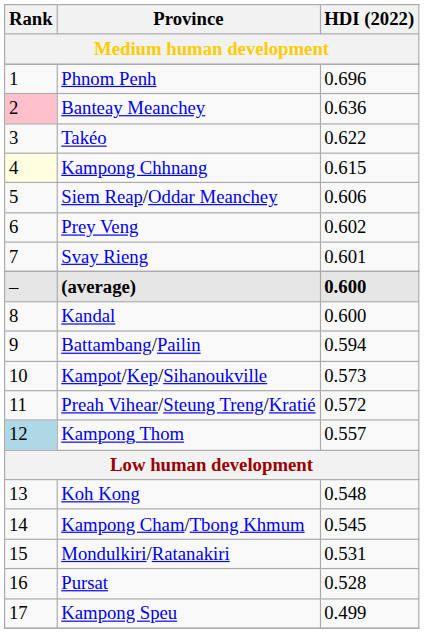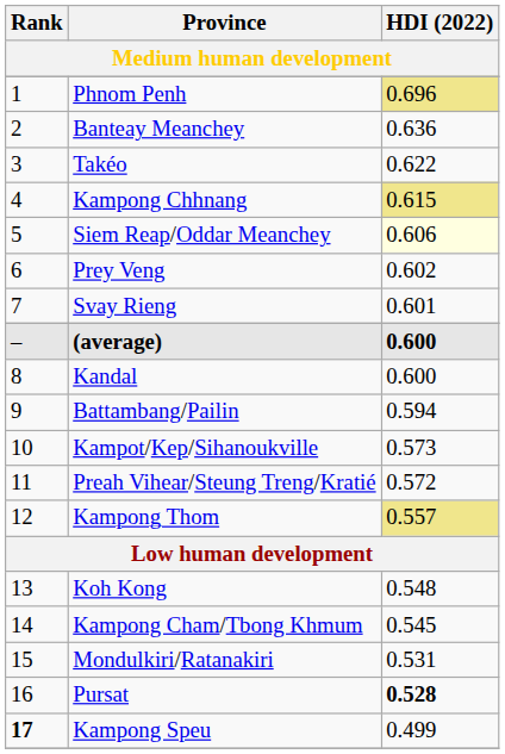 <table class="wikitable sortable">
 <tr>
 <th class="sort">Rank</th>
 <th class="sort">Province</th>
 <th class="sort">HDI (2022)</th>
 </tr>
 <tr>
 <th colspan="3" style="color:#fc0;">Medium human development</th>
 </tr>
 <tr>
 </tr>
 <tr>
 <td>1</td>
 <td style="text-align:left"><a href='#'>Phnom Penh</a></td>
-<td>0.696</td>
+<td style="background: khaki;">0.696</td>
 </tr>
 <tr>
-<td style="background: pink;">2</td>
+<td>2</td>
 <td style="text-align:left"><a href='#'>Banteay Meanchey</a></td>
 <td>0.636</td>
 </tr>
 <tr>
 <td>3</td>
 <td style="text-align:left"><a href='#'>Takéo</a></td>
 <td>0.622</td>
 </tr>
 <tr>
-<td style="background: lightyellow;">4</td>
+<td>4</td>
 <td style="text-align:left"><a href='#'>Kampong Chhnang</a></td>
-<td>0.615</td>
+<td style="background: khaki;">0.615</td>
 </tr>
 <tr>
 <td>5</td>
 <td style="text-align:left"><a href='#'>Siem Reap</a>/<a href='#'>Oddar Meanchey</a></td>
-<td>0.606</td>
+<td style="background: lightyellow;">0.606</td>
 </tr>
 <tr>
 <td>6</td>
 <td style="text-align:left"><a href='#'>Prey Veng</a></td>
 <td>0.602</td>
 </tr>
 <tr>
 <td>7</td>
 <td style="text-align:left"><a href='#'>Svay Rieng</a></td>
 <td>0.601</td>
 </tr>
 <tr>
 </tr>
 <tr style="background:#e6e6e6">
 <td>–</td>
 <td style="text-align:left"><strong></strong> <strong>(average)</strong></td>
 <td><strong>0.600</strong></td>
 </tr>
 <tr>
 <td>8</td>
 <td style="text-align:left"><a href='#'>Kandal</a></td>
 <td>0.600</td>
 </tr>
 <tr>
 <td>9</td>
 <td style="text-align:left"><a href='#'>Battambang</a>/<a href='#'>Pailin</a></td>
 <td>0.594</td>
 </tr>
 <tr>
 <td>10</td>
 <td style="text-align:left"><a href='#'>Kampot</a>/<a href='#'>Kep</a>/<a href='#'>Sihanoukville</a></td>
 <td>0.573</td>
 </tr>
 <tr>
 <td>11</td>
 <td style="text-align:left"><a href='#'>Preah Vihear</a>/<a href='#'>Steung Treng</a>/<a href='#'>Kratié</a></td>
 <td>0.572</td>
 </tr>
 <tr>
-<td style="background: lightblue;">12</td>
+<td>12</td>
 <td style="text-align:left"><a href='#'>Kampong Thom</a></td>
-<td>0.557</td>
+<td style="background: khaki;">0.557</td>
 </tr>
 <tr>
 <th colspan="3" style="color:#900;">Low human development</th>
 </tr>
 <tr>
 <td>13</td>
 <td style="text-align:left"><a href='#'>Koh Kong</a></td>
 <td>0.548</td>
 </tr>
 <tr>
 <td>14</td>
 <td style="text-align:left"><a href='#'>Kampong Cham</a>/<a href='#'>Tbong Khmum</a></td>
 <td>0.545</td>
 </tr>
 <tr>
 <td>15</td>
 <td style="text-align:left"><a href='#'>Mondulkiri</a>/<a href='#'>Ratanakiri</a></td>
 <td>0.531</td>
 </tr>
 <tr>
 <td>16</td>
 <td style="text-align:left"><a href='#'>Pursat</a></td>
-<td>0.528</td>
+<td><strong>0.528</strong></td>
 </tr>
 <tr>
-<td>17</td>
+<td><strong>17</strong></td>
 <td style="text-align:left"><a href='#'>Kampong Speu</a></td>
 <td>0.499</td>
 </tr>
 <tr>
 </tr>
 </table>
